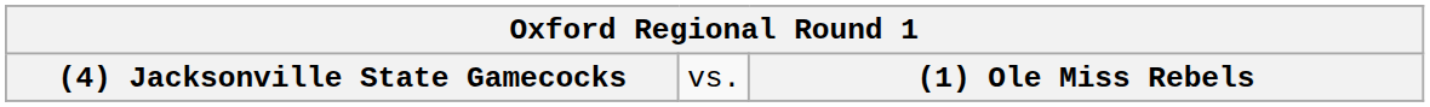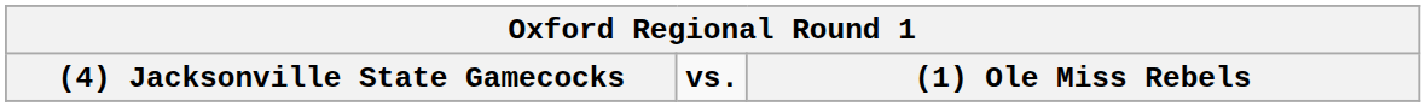 <table class="wikitable">
 <tr>
 <th style="width: 604px;" colspan=3>Oxford Regional Round 1</th>
 </tr>
 <tr>
 <th style="width: 289px; ">(4) Jacksonville State Gamecocks</th>
-<td style="width: 25px; text-align:center">vs.</td>
+<td style="width: 25px; text-align:center"><strong>vs.</strong></td>
 <th style="width: 289px; ">(1) Ole Miss Rebels</th>
 </tr>
 </table>
